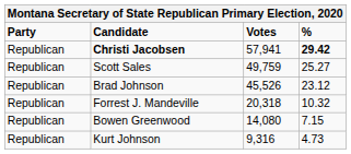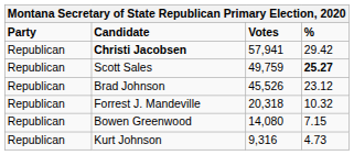 <table class="wikitable">
 <tr>
 <th colspan="4">Montana Secretary of State Republican Primary Election, 2020</th>
 </tr>
 <tr>
 <td><strong>Party</strong></td>
 <td><strong>Candidate</strong></td>
 <td><strong>Votes</strong></td>
 <td><strong>%</strong></td>
 </tr>
 <tr>
 <td>Republican</td>
 <td><strong>Christi Jacobsen</strong></td>
 <td>57,941</td>
-<td><strong>29.42</strong></td>
+<td>29.42</td>
 </tr>
 <tr>
 <td>Republican</td>
 <td>Scott Sales</td>
 <td>49,759</td>
-<td>25.27</td>
+<td><strong>25.27</strong></td>
 </tr>
 <tr>
 <td>Republican</td>
 <td>Brad Johnson</td>
 <td>45,526</td>
 <td>23.12</td>
 </tr>
 <tr>
 <td>Republican</td>
 <td>Forrest J. Mandeville</td>
 <td>20,318</td>
 <td>10.32</td>
 </tr>
 <tr>
 <td>Republican</td>
 <td>Bowen Greenwood</td>
 <td>14,080</td>
 <td>7.15</td>
 </tr>
 <tr>
 <td>Republican</td>
 <td>Kurt Johnson</td>
 <td>9,316</td>
 <td>4.73</td>
 </tr>
 </table>
